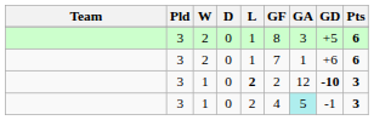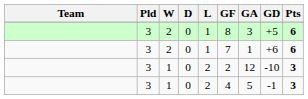 <table class="wikitable" style="text-align:center;">
 <tr>
 <th width=180>Team</th>
 <th width=20>Pld</th>
 <th width=20>W</th>
 <th width=20>D</th>
 <th width=20>L</th>
 <th width=20>GF</th>
 <th width=20>GA</th>
 <th width=20>GD</th>
 <th width=20>Pts</th>
 </tr>
 <tr>
 </tr>
 <tr bgcolor=ccffcc>
 <td align="left"></td>
 <td>3</td>
 <td>2</td>
 <td>0</td>
 <td>1</td>
 <td>8</td>
 <td>3</td>
 <td>+5</td>
 <td><strong>6</strong></td>
 </tr>
 <tr>
 <td align="left"></td>
 <td>3</td>
 <td>2</td>
 <td>0</td>
 <td>1</td>
 <td>7</td>
 <td>1</td>
 <td>+6</td>
 <td><strong>6</strong></td>
 </tr>
 <tr>
 <td align="left"></td>
 <td>3</td>
 <td>1</td>
 <td>0</td>
-<td><strong>2</strong></td>
+<td>2</td>
 <td>2</td>
 <td>12</td>
-<td><strong>-10</strong></td>
+<td>-10</td>
 <td><strong>3</strong></td>
 </tr>
 <tr>
 <td align="left"></td>
 <td>3</td>
 <td>1</td>
 <td>0</td>
 <td>2</td>
 <td>4</td>
-<td style="background: paleturquoise;">5</td>
+<td>5</td>
 <td>-1</td>
 <td><strong>3</strong></td>
 </tr>
 </table>
